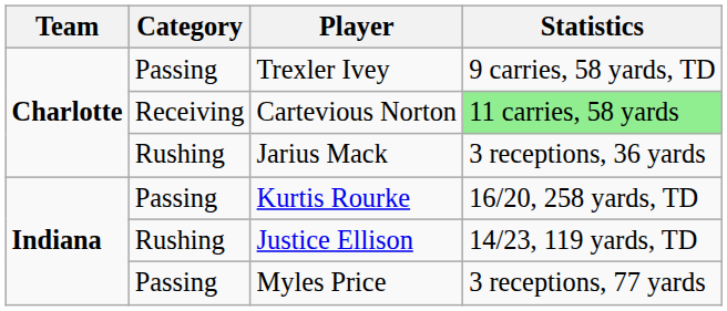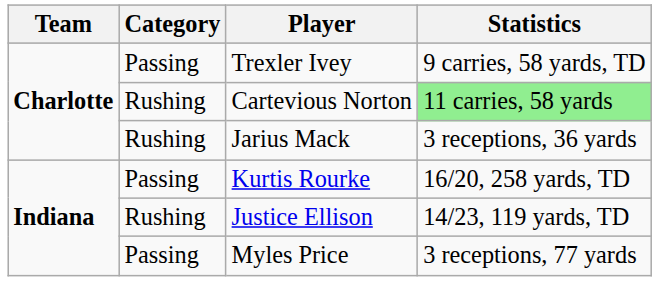 <table class="wikitable" style="float: right;">
 <tr>
 <th>Team</th>
 <th>Category</th>
 <th>Player</th>
 <th>Statistics</th>
 </tr>
 <tr>
 <td rowspan=3><strong>Charlotte</strong></td>
 <td>Passing</td>
 <td>Trexler Ivey</td>
 <td>9 carries, 58 yards, TD</td>
 </tr>
 <tr>
-<td>Receiving</td>
+<td>Rushing</td>
 <td>Cartevious Norton</td>
 <td style="background: lightgreen;">11 carries, 58 yards</td>
 </tr>
 <tr>
 <td>Rushing</td>
 <td>Jarius Mack</td>
 <td>3 receptions, 36 yards</td>
 </tr>
 <tr>
 <td rowspan=3><strong>Indiana</strong></td>
 <td>Passing</td>
 <td><a href='#'>Kurtis Rourke</a></td>
 <td>16/20, 258 yards, TD</td>
 </tr>
 <tr>
 <td>Rushing</td>
 <td><a href='#'>Justice Ellison</a></td>
 <td>14/23, 119 yards, TD</td>
 </tr>
 <tr>
 <td>Passing</td>
 <td>Myles Price</td>
 <td>3 receptions, 77 yards</td>
 </tr>
 </table>
